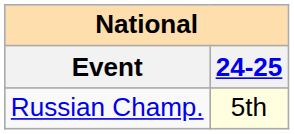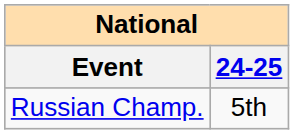 <table class="wikitable" style="text-align:center">
 <tr>
 <th colspan="2" style="background-color: #ffdead; " align="center">National</th>
 </tr>
 <tr>
 <th>Event</th>
 <th><a href='#'>24-25</a></th>
 </tr>
 <tr>
 <td align=left><a href='#'>Russian Champ.</a></td>
-<td style="background: lightyellow;">5th</td>
+<td>5th</td>
 </tr>
 </table>
